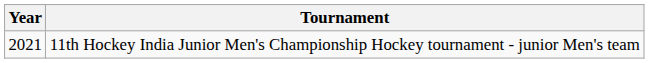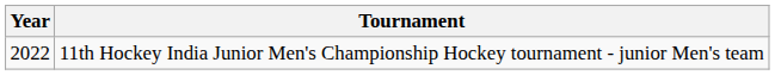 <table class="wikitable">
 <tr>
 <th>Year</th>
 <th>Tournament</th>
 </tr>
 <tr>
-<td>2021</td>
+<td>2022</td>
 <td>11th Hockey India Junior Men's Championship Hockey tournament - junior Men's team</td>
 </tr>
 </table>
